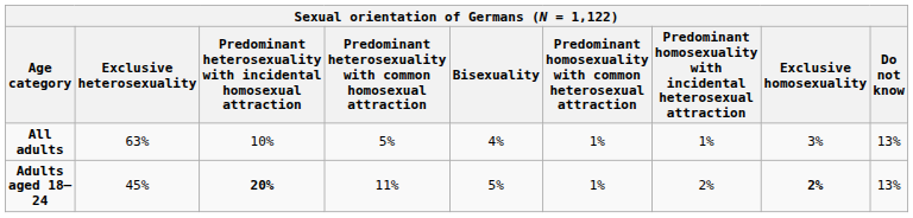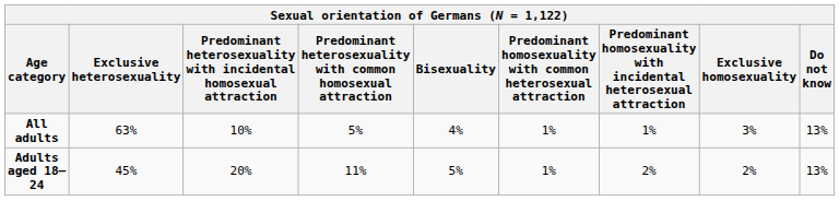 <table class="wikitable sortable" border="1" style="text-align:center; width:20%">
 <tr>
 <th colspan=9>Sexual orientation of Germans (<em>N</em> = 1,122)</th>
 </tr>
 <tr>
 <th>Age category</th>
 <th>Exclusive heterosexuality</th>
 <th>Predominant heterosexuality with incidental homosexual attraction</th>
 <th>Predominant heterosexuality with common homosexual attraction</th>
 <th>Bisexuality</th>
 <th>Predominant homosexuality with common heterosexual attraction</th>
 <th>Predominant homosexuality with incidental heterosexual attraction</th>
 <th>Exclusive homosexuality</th>
 <th>Do not know</th>
 </tr>
 <tr>
 <td><strong>All adults</strong></td>
 <td>63%</td>
 <td>10%</td>
 <td>5%</td>
 <td>4%</td>
 <td>1%</td>
 <td>1%</td>
 <td>3%</td>
 <td>13%</td>
 </tr>
 <tr>
 <td><strong>Adults aged 18–24</strong></td>
 <td>45%</td>
-<td><strong>20%</strong></td>
+<td>20%</td>
 <td>11%</td>
 <td>5%</td>
 <td>1%</td>
 <td>2%</td>
-<td><strong>2%</strong></td>
+<td>2%</td>
 <td>13%</td>
 </tr>
 </table>
